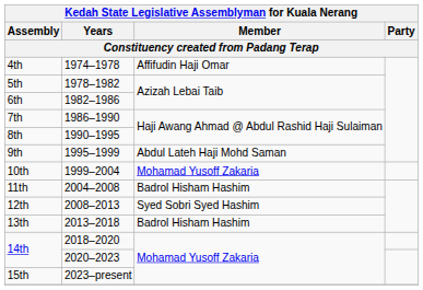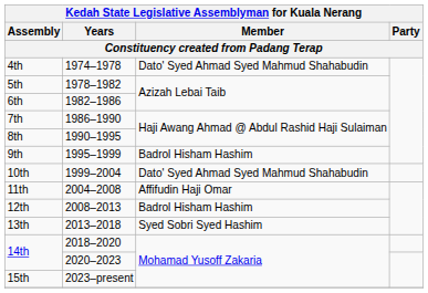 <table class="wikitable">
 <tr>
 <th colspan="4"><a href='#'>Kedah State Legislative Assemblyman</a> for Kuala Nerang</th>
 </tr>
 <tr>
 <th>Assembly</th>
 <th>Years</th>
 <th>Member</th>
 <th>Party</th>
 </tr>
 <tr>
 <th colspan="4" align="center"><em>Constituency created from Padang Terap</em></th>
 </tr>
 <tr>
 <td>4th</td>
 <td>1974–1978</td>
-<td>Affifudin Haji Omar</td>
+<td>Dato' Syed Ahmad Syed Mahmud Shahabudin</td>
 <td rowspan="6"></td>
 </tr>
 <tr>
 <td>5th</td>
 <td>1978–1982</td>
 <td rowspan="2">Azizah Lebai Taib</td>
 </tr>
 <tr>
 <td>6th</td>
 <td>1982–1986</td>
 </tr>
 <tr>
 <td>7th</td>
 <td>1986–1990</td>
 <td rowspan="2">Haji Awang Ahmad @ Abdul Rashid Haji Sulaiman</td>
 </tr>
 <tr>
 <td>8th</td>
 <td>1990–1995</td>
 </tr>
 <tr>
 <td>9th</td>
 <td>1995–1999</td>
-<td>Abdul Lateh Haji Mohd Saman</td>
+<td>Badrol Hisham Hashim</td>
 </tr>
 <tr>
 <td>10th</td>
 <td>1999–2004</td>
-<td><a href='#'>Mohamad Yusoff Zakaria</a></td>
+<td>Dato' Syed Ahmad Syed Mahmud Shahabudin</td>
 <td></td>
 </tr>
 <tr>
 <td>11th</td>
 <td>2004–2008</td>
-<td>Badrol Hisham Hashim</td>
+<td>Affifudin Haji Omar</td>
 <td rowspan="3"></td>
 </tr>
 <tr>
 <td>12th</td>
 <td>2008–2013</td>
-<td>Syed Sobri Syed Hashim</td>
+<td>Badrol Hisham Hashim</td>
 </tr>
 <tr>
 <td>13th</td>
 <td>2013–2018</td>
-<td>Badrol Hisham Hashim</td>
+<td>Syed Sobri Syed Hashim</td>
 </tr>
 <tr>
 <td rowspan="2"><a href='#'>14th</a></td>
 <td>2018–2020</td>
 <td rowspan="3"><a href='#'>Mohamad Yusoff Zakaria</a></td>
 <td></td>
 </tr>
 <tr>
 <td>2020–2023</td>
 <td rowspan="2"></td>
 </tr>
 <tr>
 <td>15th</td>
 <td>2023–present</td>
 </tr>
 <tr>
 </tr>
 <tr>
 </tr>
 </table>
